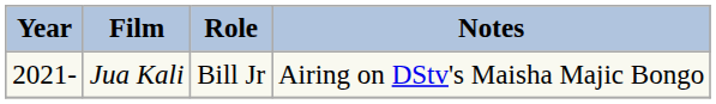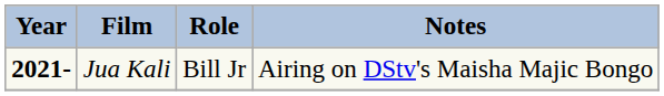 <table class="wikitable" style="font-size:90%; background: #f9f9f0">
 <tr style="text-align:center;">
 <th style="background:#B0C4DE;">Year</th>
 <th style="background:#B0C4DE;">Film</th>
 <th style="background:#B0C4DE;">Role</th>
 <th style="background:#B0C4DE;">Notes</th>
 </tr>
 <tr>
-<td>2021-</td>
+<td><strong>2021-</strong></td>
 <td><em>Jua Kali</em></td>
 <td>Bill Jr</td>
 <td>Airing on <a href='#'>DStv</a>'s Maisha Majic Bongo</td>
 </tr>
 <tr>
 </tr>
 </table>
